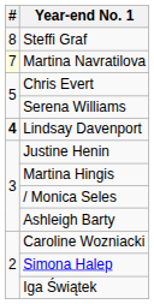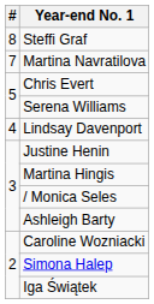 <table class="wikitable">
 <tr>
 <th>#</th>
 <th>Year-end No. 1</th>
 </tr>
 <tr>
 <td>8</td>
 <td> Steffi Graf</td>
 </tr>
 <tr>
-<td style="background: lightyellow;">7</td>
+<td>7</td>
 <td> Martina Navratilova</td>
 </tr>
 <tr>
 <td rowspan=2>5</td>
 <td> Chris Evert</td>
 </tr>
 <tr>
 <td> Serena Williams</td>
 </tr>
 <tr>
-<td><strong>4</strong></td>
+<td>4</td>
 <td> Lindsay Davenport</td>
 </tr>
 <tr>
 <td rowspan="4">3</td>
 <td> Justine Henin</td>
 </tr>
 <tr>
 <td> Martina Hingis</td>
 </tr>
 <tr>
 <td>/ Monica Seles</td>
 </tr>
 <tr>
 <td> Ashleigh Barty</td>
 </tr>
 <tr>
 <td rowspan="3">2</td>
 <td> Caroline Wozniacki</td>
 </tr>
 <tr>
 <td> <a href='#'>Simona Halep</a></td>
 </tr>
 <tr>
 <td> Iga Świątek</td>
 </tr>
 </table>
